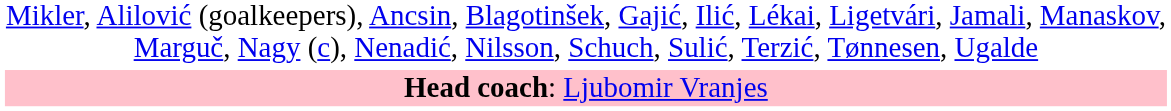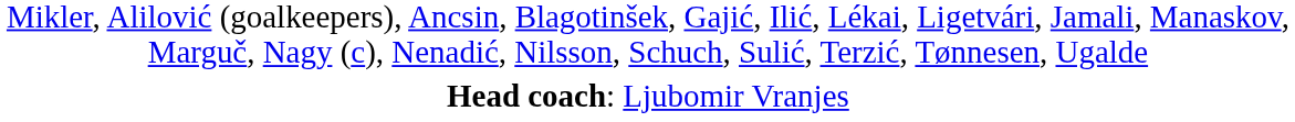 <table style="text-align: center; margin-top: 1em; margin-left: auto; margin-right: auto">
 <tr>
 <td><a href='#'>Mikler</a>, <a href='#'>Alilović</a> (goalkeepers), <a href='#'>Ancsin</a>, <a href='#'>Blagotinšek</a>, <a href='#'>Gajić</a>, <a href='#'>Ilić</a>, <a href='#'>Lékai</a>, <a href='#'>Ligetvári</a>, <a href='#'>Jamali</a>, <a href='#'>Manaskov</a>,<br><a href='#'>Marguč</a>, <a href='#'>Nagy</a> (<a href='#'>c</a>), <a href='#'>Nenadić</a>, <a href='#'>Nilsson</a>, <a href='#'>Schuch</a>, <a href='#'>Sulić</a>, <a href='#'>Terzić</a>, <a href='#'>Tønnesen</a>, <a href='#'>Ugalde</a></td>
 </tr>
 <tr>
-<td style="background: pink;"><strong>Head coach</strong>: <a href='#'>Ljubomir Vranjes</a></td>
+<td><strong>Head coach</strong>: <a href='#'>Ljubomir Vranjes</a></td>
 </tr>
 </table>
